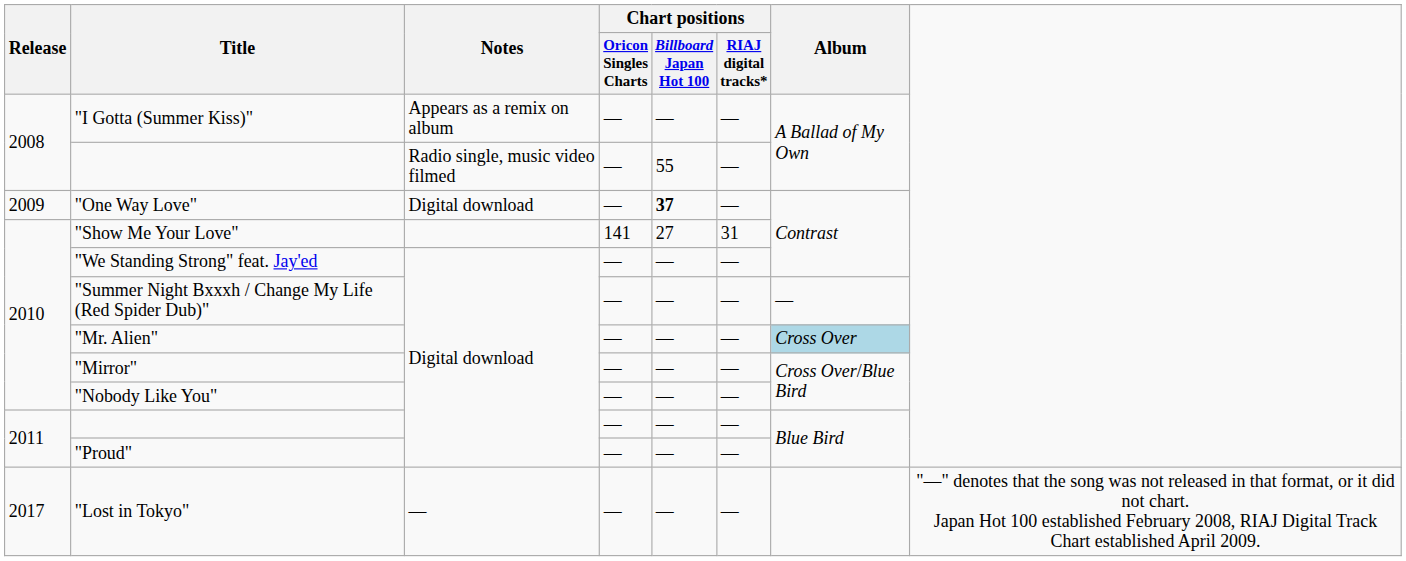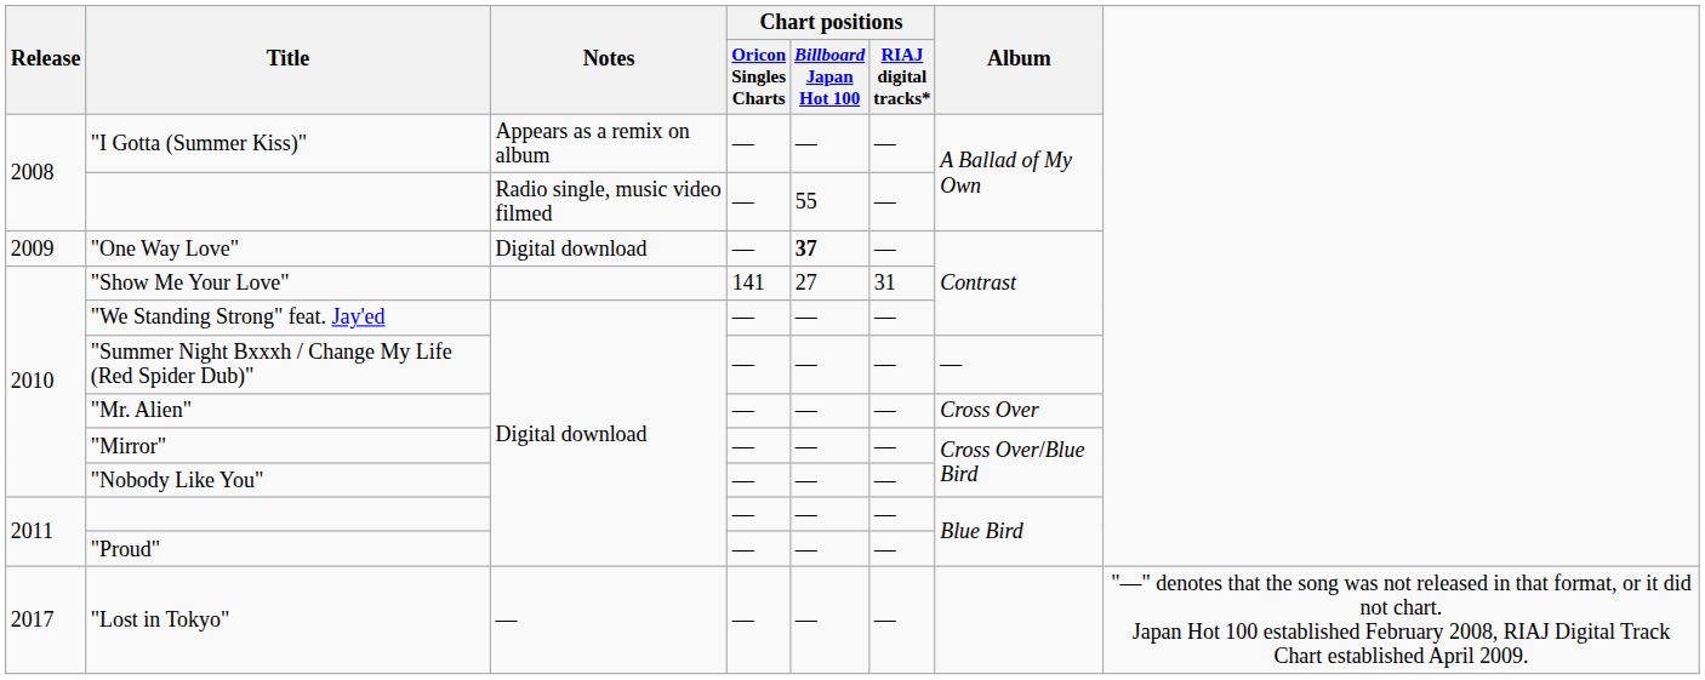 <table class="wikitable">
 <tr>
 <th rowspan="2">Release</th>
 <th rowspan="2">Title</th>
 <th rowspan="2">Notes</th>
 <th colspan="3">Chart positions</th>
 <th rowspan="2">Album</th>
 </tr>
 <tr style="font-size:smaller;">
 <th width="35"><a href='#'>Oricon</a> Singles Charts</th>
 <th width="35"><em><a href='#'>Billboard</a></em> <a href='#'>Japan Hot 100</a></th>
 <th width="35"><a href='#'>RIAJ</a> digital tracks*</th>
 </tr>
 <tr>
 <td rowspan="2">2008</td>
 <td align="left">"I Gotta (Summer Kiss)"</td>
 <td align="left" rowspan="1">Appears as a remix on album</td>
 <td>—</td>
 <td>—</td>
 <td>—</td>
 <td align="left" rowspan="2"><em>A Ballad of My Own</em></td>
 </tr>
 <tr>
 <td align="left"></td>
 <td align="left" rowspan="1">Radio single, music video filmed</td>
 <td>—</td>
 <td>55</td>
 <td>—</td>
 </tr>
 <tr>
 <td rowspan="1">2009</td>
 <td align="left">"One Way Love"</td>
 <td align="left" rowspan="1">Digital download</td>
 <td>—</td>
 <td><strong>37</strong></td>
 <td>—</td>
 <td align="left" rowspan="3"><em>Contrast</em></td>
 </tr>
 <tr>
 <td rowspan="6">2010</td>
 <td align="left">"Show Me Your Love"</td>
 <td align="left" rowspan="1"></td>
 <td>141</td>
 <td>27</td>
 <td>31</td>
 </tr>
 <tr>
 <td align="left">"We Standing Strong" feat. <a href='#'>Jay'ed</a></td>
 <td align="left" rowspan="7">Digital download</td>
 <td>—</td>
 <td>—</td>
 <td>—</td>
 </tr>
 <tr>
 <td align="left">"Summer Night Bxxxh / Change My Life (Red Spider Dub)"</td>
 <td>—</td>
 <td>—</td>
 <td>—</td>
 <td align="left" rowspan="1">—</td>
 </tr>
 <tr>
 <td align="left">"Mr. Alien"</td>
 <td>—</td>
 <td>—</td>
 <td>—</td>
-<td align="left" rowspan="1" style="background: lightblue;"><em>Cross Over</em></td>
+<td align="left" rowspan="1"><em>Cross Over</em></td>
 </tr>
 <tr>
 <td align="left">"Mirror"</td>
 <td>—</td>
 <td>—</td>
 <td>—</td>
 <td align="left" rowspan="2"><em>Cross Over</em>/<em>Blue Bird</em></td>
 </tr>
 <tr>
 <td align="left">"Nobody Like You"</td>
 <td>—</td>
 <td>—</td>
 <td>—</td>
 </tr>
 <tr>
 <td rowspan="2">2011</td>
 <td align="left"></td>
 <td>—</td>
 <td>—</td>
 <td>—</td>
 <td align="left" rowspan="2"><em>Blue Bird</em></td>
 </tr>
 <tr>
 <td align="left">"Proud"</td>
 <td>—</td>
 <td>—</td>
 <td>—</td>
 </tr>
 <tr>
 <td>2017</td>
 <td align="left">"Lost in Tokyo"</td>
 <td>—</td>
 <td>—</td>
 <td>—</td>
 <td>—</td>
 <td></td>
 <td align="center" colspan="7">"—" denotes that the song was not released in that format, or it did not chart.<br>Japan Hot 100 established February 2008, RIAJ Digital Track Chart established April 2009.</td>
 </tr>
 </table>
